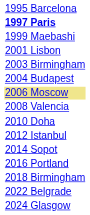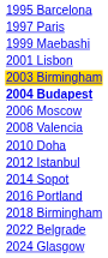 <table>
 <tr>
 <td><a href='#'>1995 Barcelona</a><br></td>
 <td></td>
 <td></td>
 <td></td>
 </tr>
 <tr>
-<td><strong><a href='#'>1997 Paris</a><br></strong></td>
+<td><a href='#'>1997 Paris</a><br></td>
 <td></td>
 <td></td>
 <td></td>
 </tr>
 <tr>
 <td><a href='#'>1999 Maebashi</a><br></td>
 <td></td>
 <td></td>
 <td></td>
 </tr>
 <tr>
 <td><a href='#'>2001 Lisbon</a><br></td>
 <td></td>
 <td></td>
 <td></td>
 </tr>
 <tr>
-<td><a href='#'>2003 Birmingham</a><br></td>
+<td style="background: gold;"><a href='#'>2003 Birmingham</a><br></td>
 <td></td>
 <td></td>
 <td></td>
 </tr>
 <tr>
-<td><a href='#'>2004 Budapest</a><br></td>
+<td><strong><a href='#'>2004 Budapest</a><br></strong></td>
 <td></td>
 <td></td>
 <td></td>
 </tr>
 <tr>
-<td style="background: khaki;"><a href='#'>2006 Moscow</a><br></td>
+<td><a href='#'>2006 Moscow</a><br></td>
 <td></td>
 <td></td>
 <td></td>
 </tr>
 <tr>
 <td><a href='#'>2008 Valencia</a><br></td>
 <td></td>
 <td></td>
 <td></td>
 </tr>
 <tr>
 <td><a href='#'>2010 Doha</a><br></td>
 <td></td>
 <td></td>
 <td></td>
 </tr>
 <tr>
 <td><a href='#'>2012 Istanbul</a><br></td>
 <td></td>
 <td></td>
 <td></td>
 </tr>
 <tr>
 <td><a href='#'>2014 Sopot</a><br></td>
 <td></td>
 <td></td>
 <td></td>
 </tr>
 <tr>
 <td><a href='#'>2016 Portland</a><br></td>
 <td></td>
 <td></td>
 <td></td>
 </tr>
 <tr>
 <td><a href='#'>2018 Birmingham</a><br></td>
 <td></td>
 <td></td>
 <td></td>
 </tr>
 <tr>
 <td><a href='#'>2022 Belgrade</a><br></td>
 <td></td>
 <td></td>
 <td></td>
 </tr>
 <tr>
 <td><a href='#'>2024 Glasgow</a><br></td>
 <td></td>
 <td></td>
 <td></td>
 </tr>
 </table>
